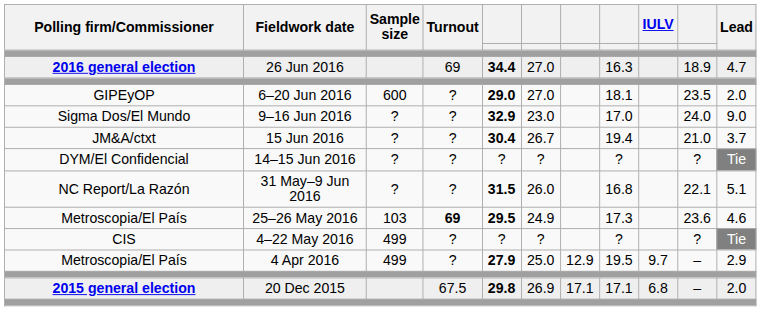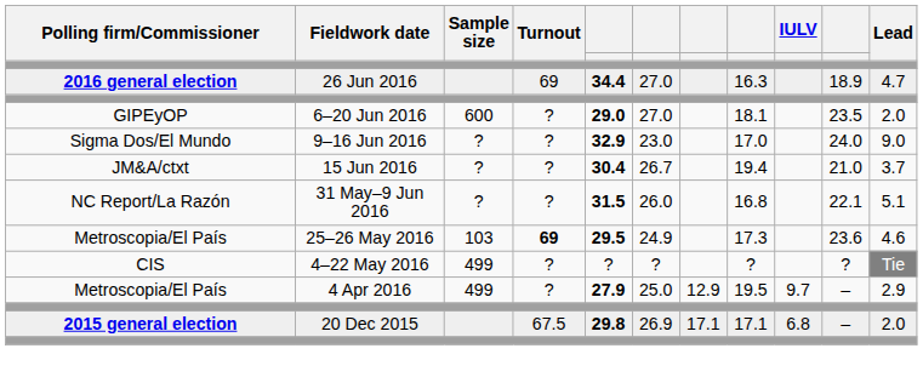 <table class="wikitable collapsible collapsed" style="text-align:center; font-size:95%; line-height:16px;">
 <tr style="height:42px; background-color:#E9E9E9">
 <th style="width:250px;" rowspan="2">Polling firm/Commissioner</th>
 <th style="width:125px;" rowspan="2">Fieldwork date</th>
 <th style="width:50px;" rowspan="2">Sample size</th>
 <th style="width:45px;" rowspan="2">Turnout</th>
 <th style="width:35px;"></th>
 <th style="width:35px;"></th>
 <th style="width:35px;"></th>
 <th style="width:35px;"></th>
 <th style="width:35px;"><a href='#'>IULV</a></th>
 <th style="width:35px;"></th>
 <th style="width:30px;" rowspan="2">Lead</th>
 </tr>
 <tr>
 <th style="color:inherit;background:"></th>
 <th style="color:inherit;background:"></th>
 <th style="color:inherit;background:"></th>
 <th style="color:inherit;background:"></th>
 <th style="color:inherit;background:"></th>
 <th style="color:inherit;background:"></th>
 </tr>
 <tr>
 <td colspan="11" style="background:#A0A0A0"></td>
 </tr>
 <tr style="background:#EFEFEF;">
 <td><strong><a href='#'>2016 general election</a></strong></td>
 <td>26 Jun 2016</td>
 <td></td>
 <td>69</td>
 <td><strong>34.4</strong><br></td>
 <td>27.0<br></td>
 <td></td>
 <td>16.3<br></td>
 <td></td>
 <td>18.9<br></td>
 <td style="background:">4.7</td>
 </tr>
 <tr>
 <td colspan="11" style="background:#A0A0A0"></td>
 </tr>
 <tr>
 <td>GIPEyOP</td>
 <td>6–20 Jun 2016</td>
 <td>600</td>
 <td>?</td>
 <td><strong>29.0</strong><br></td>
 <td>27.0<br></td>
 <td></td>
 <td>18.1<br></td>
 <td></td>
 <td>23.5<br></td>
 <td style="background:">2.0</td>
 </tr>
 <tr>
 <td>Sigma Dos/El Mundo</td>
 <td>9–16 Jun 2016</td>
 <td>?</td>
 <td>?</td>
 <td><strong>32.9</strong><br></td>
 <td>23.0<br></td>
 <td></td>
 <td>17.0<br></td>
 <td></td>
 <td>24.0<br></td>
 <td style="background:">9.0</td>
 </tr>
 <tr>
 <td>JM&A/ctxt</td>
 <td>15 Jun 2016</td>
 <td>?</td>
 <td>?</td>
 <td><strong>30.4</strong><br></td>
 <td>26.7<br></td>
 <td></td>
 <td>19.4<br></td>
 <td></td>
 <td>21.0<br></td>
 <td style="background:">3.7</td>
 </tr>
 <tr>
-<td>DYM/El Confidencial</td>
-<td>14–15 Jun 2016</td>
-<td>?</td>
-<td>?</td>
-<td>?<br></td>
-<td>?<br></td>
-<td></td>
-<td>?<br></td>
-<td></td>
-<td>?<br></td>
-<td style="background:gray;color:white;">Tie</td>
-</tr>
-<tr>
 <td>NC Report/La Razón</td>
 <td>31 May–9 Jun 2016</td>
 <td>?</td>
 <td>?</td>
 <td><strong>31.5</strong><br></td>
 <td>26.0<br></td>
 <td></td>
 <td>16.8<br></td>
 <td></td>
 <td>22.1<br></td>
 <td style="background:">5.1</td>
 </tr>
 <tr>
 <td>Metroscopia/El País</td>
 <td>25–26 May 2016</td>
 <td>103</td>
 <td><strong>69</strong></td>
 <td><strong>29.5</strong><br></td>
 <td>24.9<br></td>
 <td></td>
 <td>17.3<br></td>
 <td></td>
 <td>23.6<br></td>
 <td style="background:">4.6</td>
 </tr>
 <tr>
 <td>CIS</td>
 <td>4–22 May 2016</td>
 <td>499</td>
 <td>?</td>
 <td>?<br></td>
 <td>?<br></td>
 <td></td>
 <td>?<br></td>
 <td></td>
 <td>?<br></td>
 <td style="background:gray;color:white;">Tie</td>
 </tr>
 <tr>
 <td>Metroscopia/El País</td>
 <td>4 Apr 2016</td>
 <td>499</td>
 <td>?</td>
 <td><strong>27.9</strong><br></td>
 <td>25.0<br></td>
 <td>12.9<br></td>
 <td>19.5<br></td>
 <td>9.7<br></td>
 <td>–</td>
 <td style="background:">2.9</td>
 </tr>
 <tr>
 <td colspan="11" style="background:#A0A0A0"></td>
 </tr>
 <tr style="background:#EFEFEF;">
 <td><strong><a href='#'>2015 general election</a></strong></td>
 <td>20 Dec 2015</td>
 <td></td>
 <td>67.5</td>
 <td><strong>29.8</strong><br></td>
 <td>26.9<br></td>
 <td>17.1<br></td>
 <td>17.1<br></td>
 <td>6.8<br></td>
 <td>–</td>
 <td style="background:">2.0</td>
 </tr>
 <tr>
 <td colspan="11" style="background:#A0A0A0"></td>
 </tr>
 </table>
